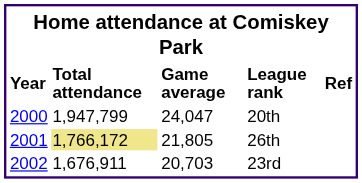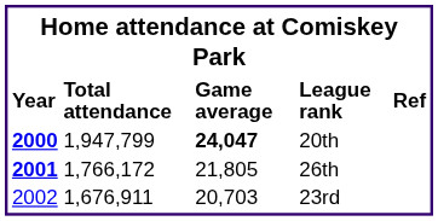 <table cellpadding="1" style="width:300px; font-size:90%; border:2px solid #33006F;">
 <tr style="text-align:center; font-size:larger;">
 <td colspan=5><strong>Home attendance at Comiskey Park</strong></td>
 </tr>
 <tr style=>
 <td><strong>Year</strong></td>
 <td><strong>Total attendance</strong></td>
 <td><strong>Game average</strong></td>
 <td><strong>League rank</strong></td>
 <td><strong>Ref</strong></td>
 </tr>
 <tr>
-<td><a href='#'>2000</a></td>
+<td><strong><a href='#'>2000</a></strong></td>
 <td>1,947,799</td>
-<td>24,047</td>
+<td><strong>24,047</strong></td>
 <td>20th</td>
 <td></td>
 </tr>
 <tr>
-<td><a href='#'>2001</a></td>
-<td style="background: khaki;">1,766,172</td>
+<td><strong><a href='#'>2001</a></strong></td>
+<td>1,766,172</td>
 <td>21,805</td>
 <td>26th</td>
 <td></td>
 </tr>
 <tr>
 <td><a href='#'>2002</a></td>
 <td>1,676,911</td>
 <td>20,703</td>
 <td>23rd</td>
 <td></td>
 </tr>
 </table>
